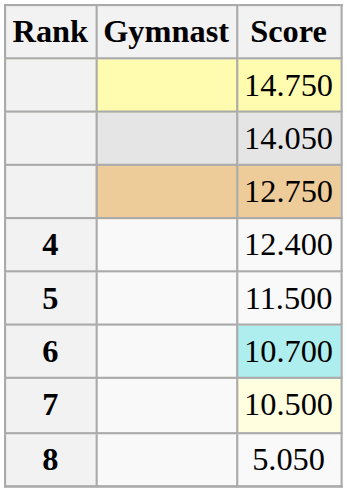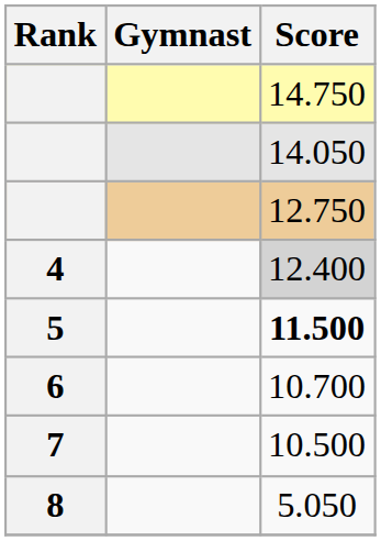 <table class="wikitable sortable" style="text-align:center; font-size:95%">
 <tr>
 <th scope=col>Rank</th>
 <th scope=col>Gymnast</th>
 <th scope=col>Score</th>
 </tr>
 <tr bgcolor=fffcaf>
 <th scope=row style="text-align:center"></th>
 <td align=left></td>
 <td>14.750</td>
 </tr>
 <tr bgcolor=e5e5e5>
 <th scope=row style="text-align:center"></th>
 <td align=left></td>
 <td>14.050</td>
 </tr>
 <tr bgcolor=eecc99>
 <th scope=row style="text-align:center"></th>
 <td align=left></td>
 <td>12.750</td>
 </tr>
 <tr>
 <th>4</th>
 <td align=left></td>
-<td>12.400</td>
+<td style="background: lightgrey;">12.400</td>
 </tr>
 <tr>
 <th>5</th>
 <td align=left></td>
-<td>11.500</td>
+<td><strong>11.500</strong></td>
 </tr>
 <tr>
 <th>6</th>
 <td align=left></td>
-<td style="background: paleturquoise;">10.700</td>
+<td>10.700</td>
 </tr>
 <tr>
 <th>7</th>
 <td align=left></td>
-<td style="background: lightyellow;">10.500</td>
+<td>10.500</td>
 </tr>
 <tr>
 <th>8</th>
 <td align=left></td>
 <td>5.050</td>
 </tr>
 <tr>
 </tr>
 </table>
